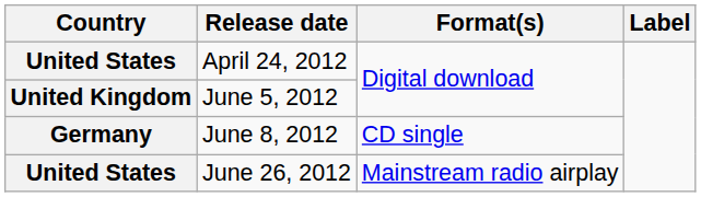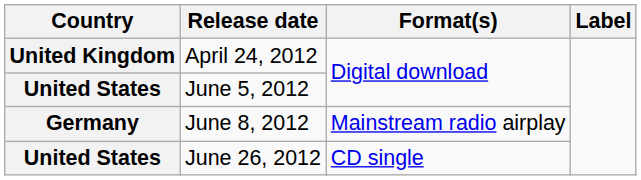 <table class="wikitable plainrowheaders">
 <tr>
 <th scope="col">Country</th>
 <th scope="col">Release date</th>
 <th scope="col">Format(s)</th>
 <th scope="col">Label</th>
 </tr>
 <tr>
-<th scope="row">United States</th>
+<th scope="row">United Kingdom</th>
 <td>April 24, 2012</td>
 <td rowspan="2"><a href='#'>Digital download</a></td>
 <td rowspan="4"></td>
 </tr>
 <tr>
-<th scope="row">United Kingdom</th>
+<th scope="row">United States</th>
 <td>June 5, 2012</td>
 </tr>
 <tr>
 <th scope="row">Germany</th>
 <td>June 8, 2012</td>
-<td><a href='#'>CD single</a></td>
+<td><a href='#'>Mainstream radio</a> airplay</td>
 </tr>
 <tr>
 <th scope="row">United States</th>
 <td>June 26, 2012</td>
-<td><a href='#'>Mainstream radio</a> airplay</td>
+<td><a href='#'>CD single</a></td>
 </tr>
 </table>
